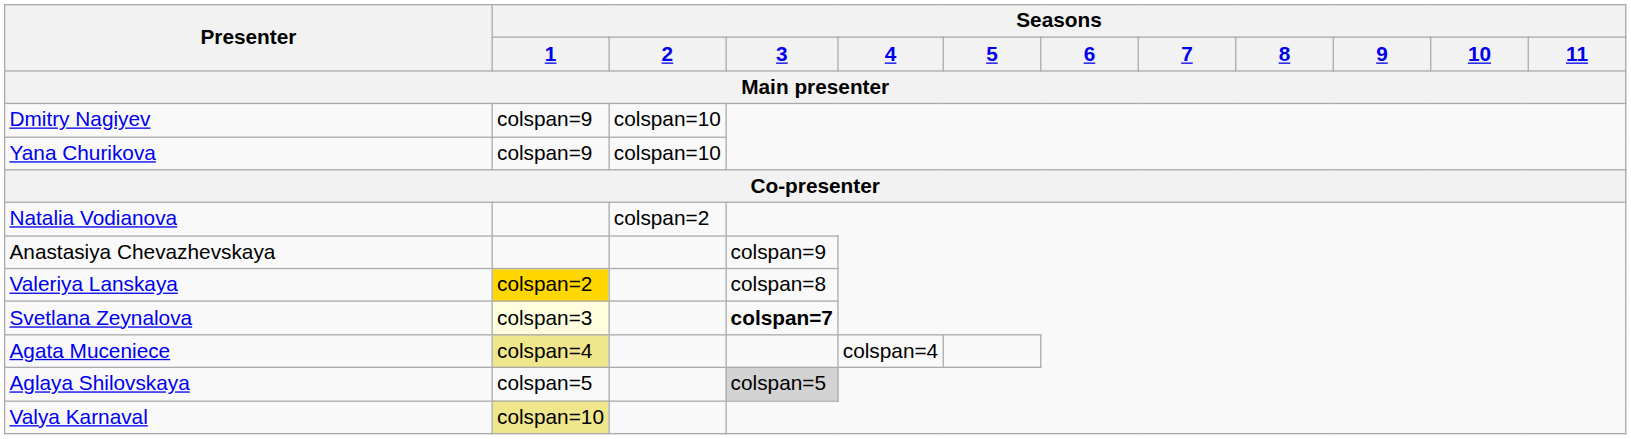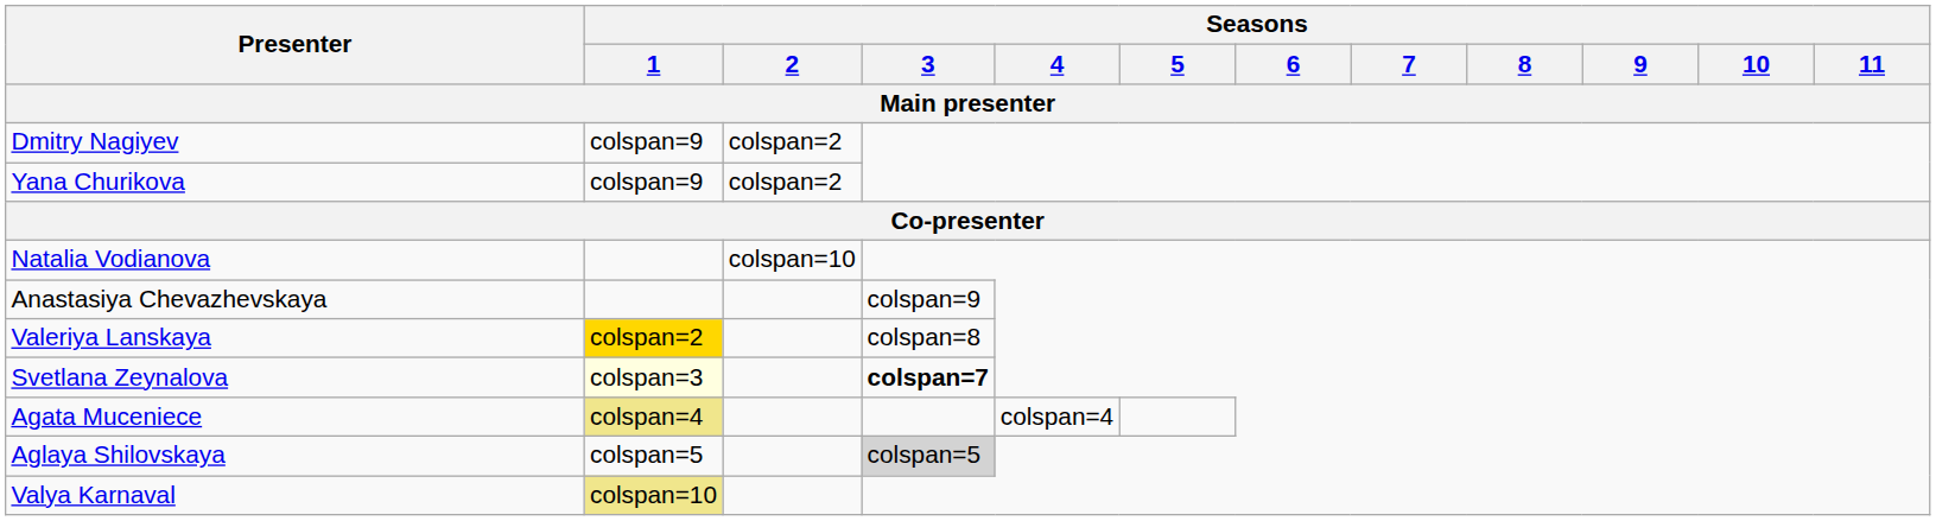 <table class="wikitable nowrap">
 <tr>
 <th rowspan=2 style="width:30%">Presenter</th>
 <th colspan=11>Seasons</th>
 </tr>
 <tr>
 <th style="width:6%"><a href='#'>1</a></th>
 <th style="width:6%"><a href='#'>2</a></th>
 <th style="width:6%"><a href='#'>3</a></th>
 <th style="width:6%"><a href='#'>4</a></th>
 <th style="width:6%"><a href='#'>5</a></th>
 <th style="width:6%"><a href='#'>6</a></th>
 <th style="width:6%"><a href='#'>7</a></th>
 <th style="width:6%"><a href='#'>8</a></th>
 <th style="width:6%"><a href='#'>9</a></th>
 <th style="width:6%"><a href='#'>10</a></th>
 <th style="width:6%"><a href='#'>11</a></th>
 </tr>
 <tr>
 <th colspan=12>Main presenter</th>
 </tr>
 <tr>
 <td><a href='#'>Dmitry Nagiyev</a></td>
 <td>colspan=9 </td>
-<td>colspan=10 </td>
+<td>colspan=2 </td>
 </tr>
 <tr>
 <td><a href='#'>Yana Churikova</a></td>
 <td>colspan=9 </td>
-<td>colspan=10 </td>
+<td>colspan=2 </td>
 </tr>
 <tr>
 <th colspan=12>Co-presenter</th>
 </tr>
 <tr>
 <td><a href='#'>Natalia Vodianova</a></td>
 <td></td>
-<td>colspan=2 </td>
+<td>colspan=10 </td>
 </tr>
 <tr>
 <td>Anastasiya Chevazhevskaya</td>
 <td></td>
 <td></td>
 <td>colspan=9 </td>
 </tr>
 <tr>
 <td><a href='#'>Valeriya Lanskaya</a></td>
 <td style="background: gold;">colspan=2 </td>
 <td></td>
 <td>colspan=8 </td>
 </tr>
 <tr>
 <td><a href='#'>Svetlana Zeynalova</a></td>
 <td style="background: lightyellow;">colspan=3 </td>
 <td></td>
 <td><strong>colspan=7 </strong></td>
 </tr>
 <tr>
 <td><a href='#'>Agata Muceniece</a></td>
 <td style="background: khaki;">colspan=4 </td>
 <td></td>
 <td></td>
 <td>colspan=4 </td>
 <td></td>
 </tr>
 <tr>
 <td><a href='#'>Aglaya Shilovskaya</a></td>
 <td>colspan=5 </td>
 <td></td>
 <td style="background: lightgrey;">colspan=5 </td>
 </tr>
 <tr>
 <td><a href='#'>Valya Karnaval</a></td>
 <td style="background: khaki;">colspan=10 </td>
 <td></td>
 </tr>
 </table>
